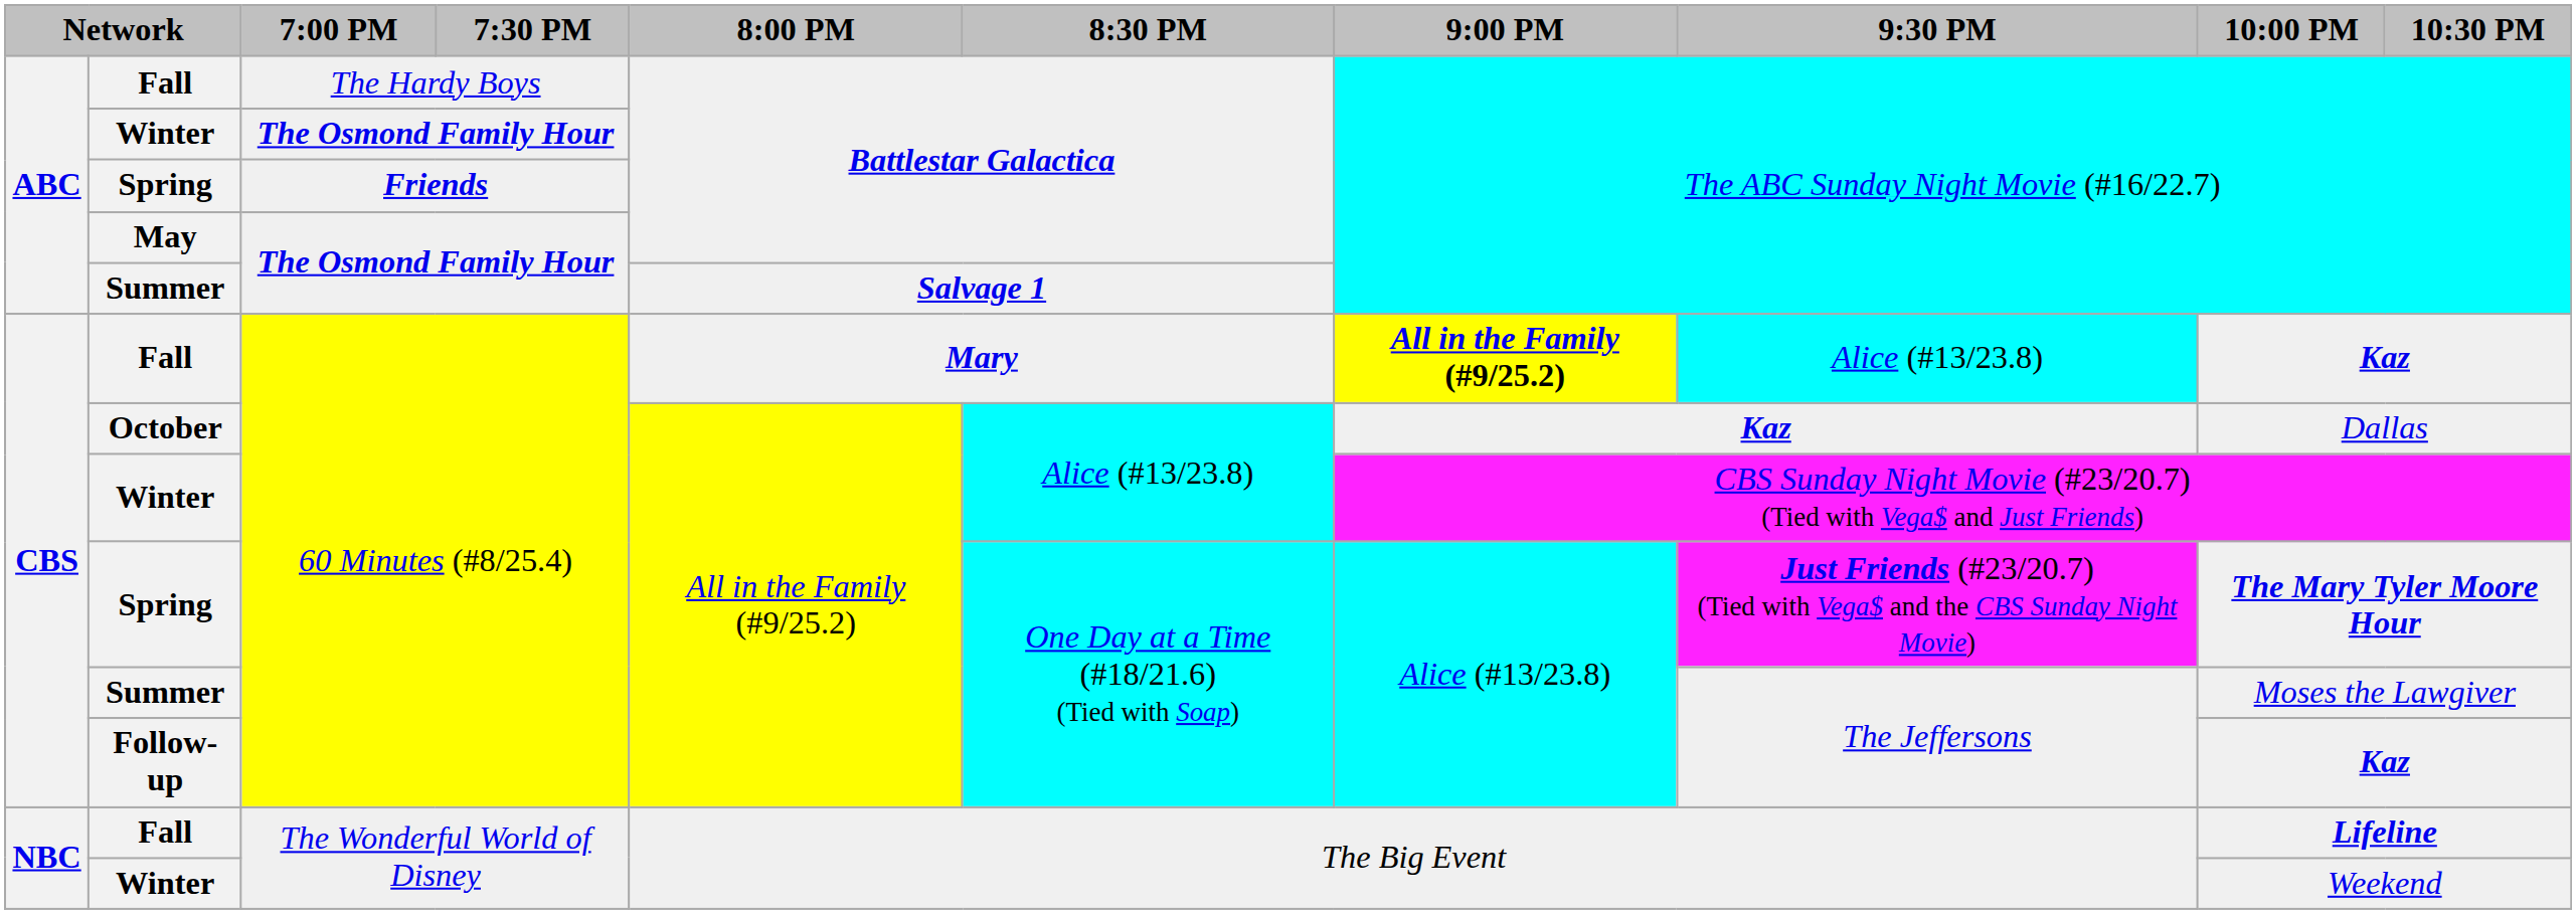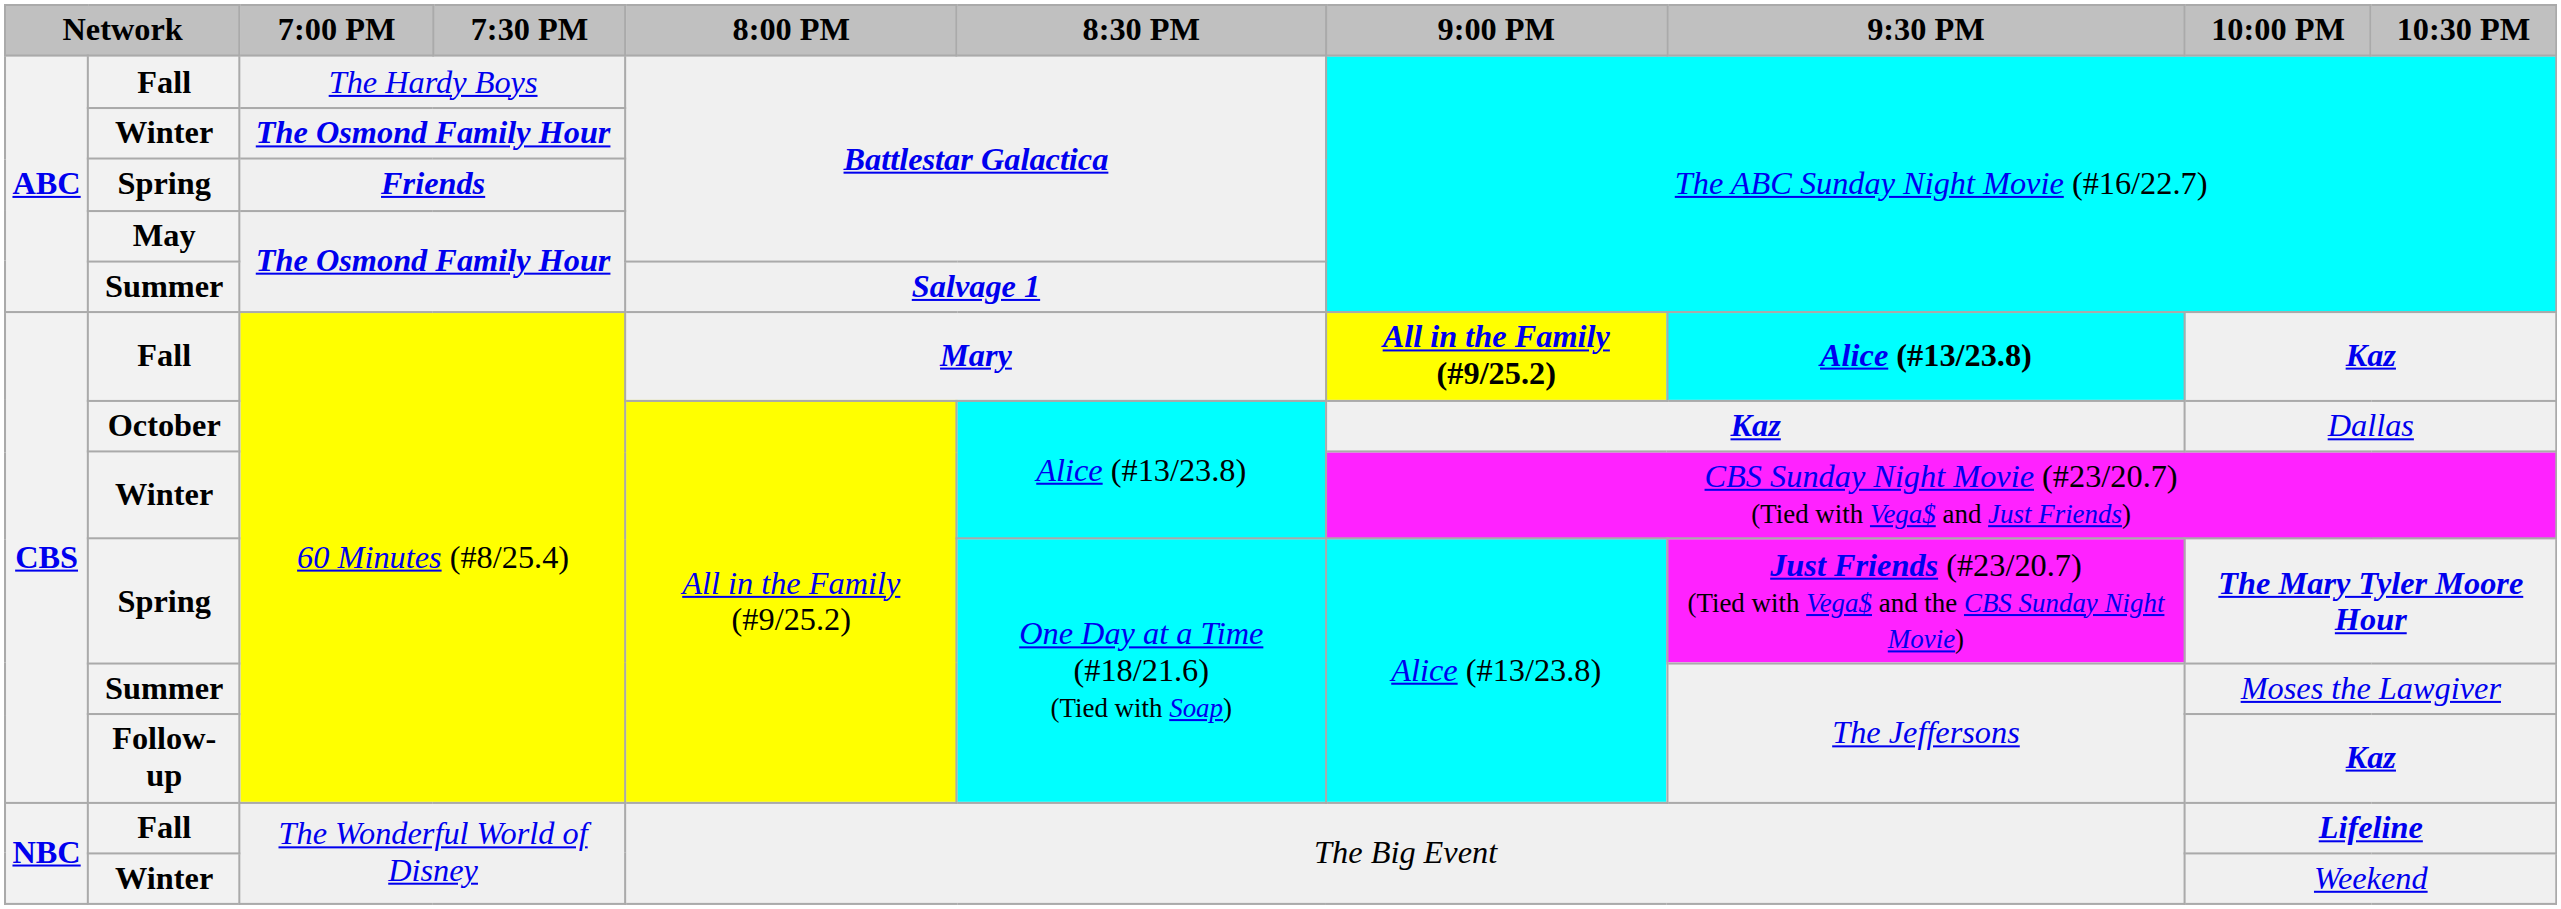 <table class="wikitable" style="width:100%;margin-right:0;text-align:center">
 <tr>
 <th colspan="2" style="background-color:#C0C0C0;text-align:center">Network</th>
 <th style="background-color:#C0C0C0;text-align:center">7:00 PM</th>
 <th style="background-color:#C0C0C0;text-align:center">7:30 PM</th>
 <th style="background-color:#C0C0C0;text-align:center">8:00 PM</th>
 <th style="background-color:#C0C0C0;text-align:center">8:30 PM</th>
 <th style="background-color:#C0C0C0;text-align:center">9:00 PM</th>
 <th style="background-color:#C0C0C0;text-align:center">9:30 PM</th>
 <th style="background-color:#C0C0C0;text-align:center">10:00 PM</th>
 <th style="background-color:#C0C0C0;text-align:center">10:30 PM</th>
 </tr>
 <tr>
 <th rowspan="5" bgcolor="#C0C0C0"><a href='#'>ABC</a></th>
 <th>Fall</th>
 <td bgcolor="#F0F0F0" colspan="2"><em><a href='#'>The Hardy Boys</a></em></td>
 <td colspan="2" rowspan="4" bgcolor="#F0F0F0"><strong><em><a href='#'>Battlestar Galactica</a></em></strong></td>
 <td colspan="4" rowspan="5" bgcolor="#00FFFF"><em><a href='#'>The ABC Sunday Night Movie</a></em> (#16/22.7)</td>
 </tr>
 <tr>
 <th>Winter</th>
 <td colspan="2" bgcolor="#F0F0F0"><strong><em><a href='#'>The Osmond Family Hour</a></em></strong></td>
 </tr>
 <tr>
 <th>Spring</th>
 <td colspan="2" bgcolor="#F0F0F0"><strong><em><a href='#'>Friends</a></em></strong></td>
 </tr>
 <tr>
 <th>May</th>
 <td colspan="2" rowspan="2" bgcolor="#F0F0F0"><strong><em><a href='#'>The Osmond Family Hour</a></em></strong></td>
 </tr>
 <tr>
 <th>Summer</th>
 <td bgcolor="#F0F0F0" colspan="2"><strong><em><a href='#'>Salvage 1</a></em></strong></td>
 </tr>
 <tr>
 <th bgcolor="#C0C0C0" rowspan="6"><a href='#'>CBS</a></th>
 <th>Fall</th>
 <td bgcolor="#FFFF00" colspan="2" rowspan="6"><em><a href='#'>60 Minutes</a></em> (#8/25.4)</td>
 <td bgcolor="#F0F0F0" colspan="2"><strong><em><a href='#'>Mary</a></em></strong></td>
 <td bgcolor="#FFFF00"><strong><em><a href='#'>All in the Family</a></em> (#9/25.2)</strong></td>
-<td bgcolor="#00FFFF"><em><a href='#'>Alice</a></em> (#13/23.8)</td>
+<td bgcolor="#00FFFF"><strong><em><a href='#'>Alice</a></em> (#13/23.8)</strong></td>
 <td bgcolor="#F0F0F0" colspan="2"><strong><em><a href='#'>Kaz</a></em></strong></td>
 </tr>
 <tr>
 <th>October</th>
 <td bgcolor="#FFFF00" rowspan="5"><em><a href='#'>All in the Family</a></em> (#9/25.2)</td>
 <td bgcolor="#00FFFF" rowspan="2"><em><a href='#'>Alice</a></em> (#13/23.8)</td>
 <td bgcolor="#F0F0F0" colspan="2"><strong><em><a href='#'>Kaz</a></em></strong></td>
 <td bgcolor="#F0F0F0" colspan="2"><em><a href='#'>Dallas</a></em></td>
 </tr>
 <tr>
 <th>Winter</th>
 <td bgcolor="#FF22FF" colspan="4"><em><a href='#'>CBS Sunday Night Movie</a></em> (#23/20.7)<br><small>(Tied with <em><a href='#'>Vega$</a></em> and <em><a href='#'>Just Friends</a></em>)</small></td>
 </tr>
 <tr>
 <th>Spring</th>
 <td bgcolor="#00FFFF" rowspan="3"><em><a href='#'>One Day at a Time</a></em> (#18/21.6)<br><small>(Tied with <em><a href='#'>Soap</a></em>)</small></td>
 <td bgcolor="#00FFFF" rowspan="3"><em><a href='#'>Alice</a></em> (#13/23.8)</td>
 <td bgcolor="#FF22FF"><strong><em><a href='#'>Just Friends</a></em></strong> (#23/20.7)<br><small>(Tied with <em><a href='#'>Vega$</a></em> and the <em><a href='#'>CBS Sunday Night Movie</a></em>)</small></td>
 <td bgcolor="#F0F0F0"  colspan="2"><strong><em><a href='#'>The Mary Tyler Moore Hour</a></em></strong></td>
 </tr>
 <tr>
 <th>Summer</th>
 <td bgcolor="#F0F0F0" rowspan="2"><em><a href='#'>The Jeffersons</a></em></td>
 <td bgcolor="#F0F0F0" colspan="2"><em><a href='#'>Moses the Lawgiver</a></em></td>
 </tr>
 <tr>
 <th>Follow-up</th>
 <td bgcolor="#F0F0F0" colspan="2"><strong><em><a href='#'>Kaz</a></em></strong></td>
 </tr>
 <tr>
 <th bgcolor="#C0C0C0" rowspan="2"><a href='#'>NBC</a></th>
 <th>Fall</th>
 <td bgcolor="#F0F0F0" colspan="2" rowspan="2"><em><a href='#'>The Wonderful World of Disney</a></em></td>
 <td bgcolor="#F0F0F0" colspan="4" rowspan="2"><em>The Big Event</em></td>
 <td bgcolor="#F0F0F0" colspan="2"><strong><em><a href='#'>Lifeline</a></em></strong></td>
 </tr>
 <tr>
 <th>Winter</th>
 <td bgcolor="#F0F0F0" colspan="2"><em><a href='#'>Weekend</a></em></td>
 </tr>
 </table>
